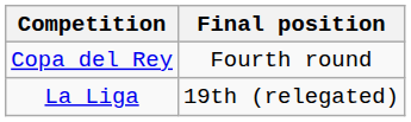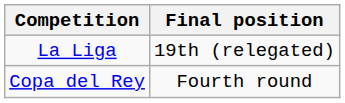 <table class="wikitable" style="font-size:100%; text-align:center">
 <tr>
 <th>Competition</th>
 <th>Final position</th>
 </tr>
 <tr style="background:">
+<td><a href='#'>La Liga</a></td>
+<td>19th (relegated)</td>
+</tr>
+<tr style="background:">
 <td><a href='#'>Copa del Rey</a></td>
 <td>Fourth round</td>
 </tr>
-<tr style="background:">
-<td><a href='#'>La Liga</a></td>
-<td>19th (relegated)</td>
-</tr>
 </table>
